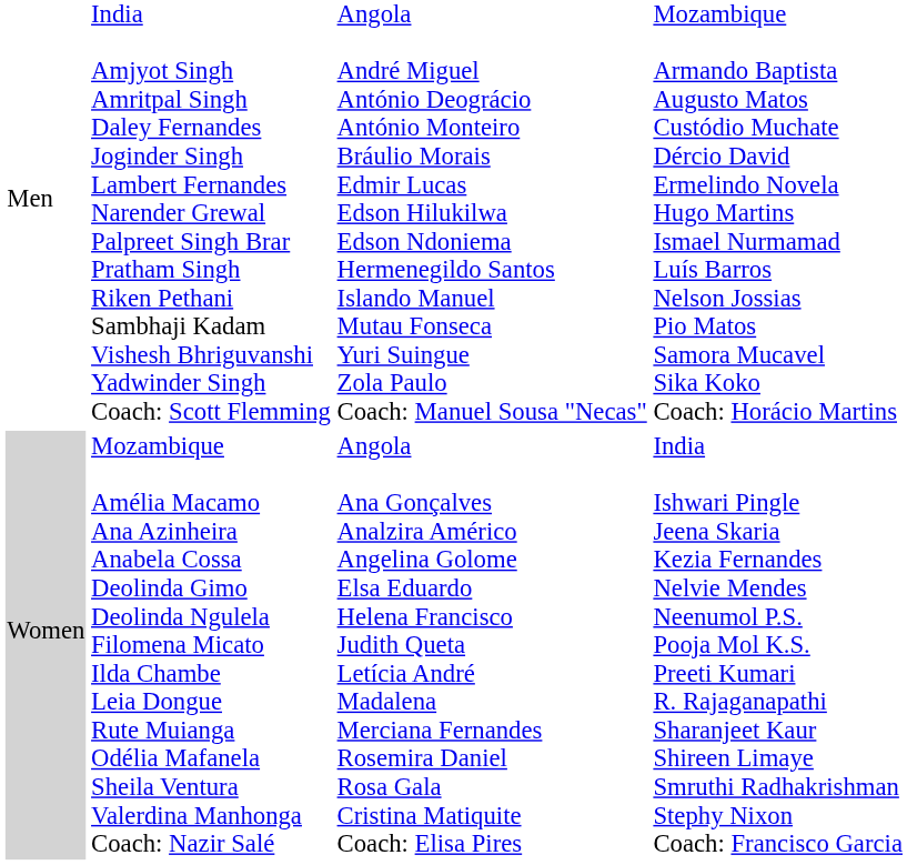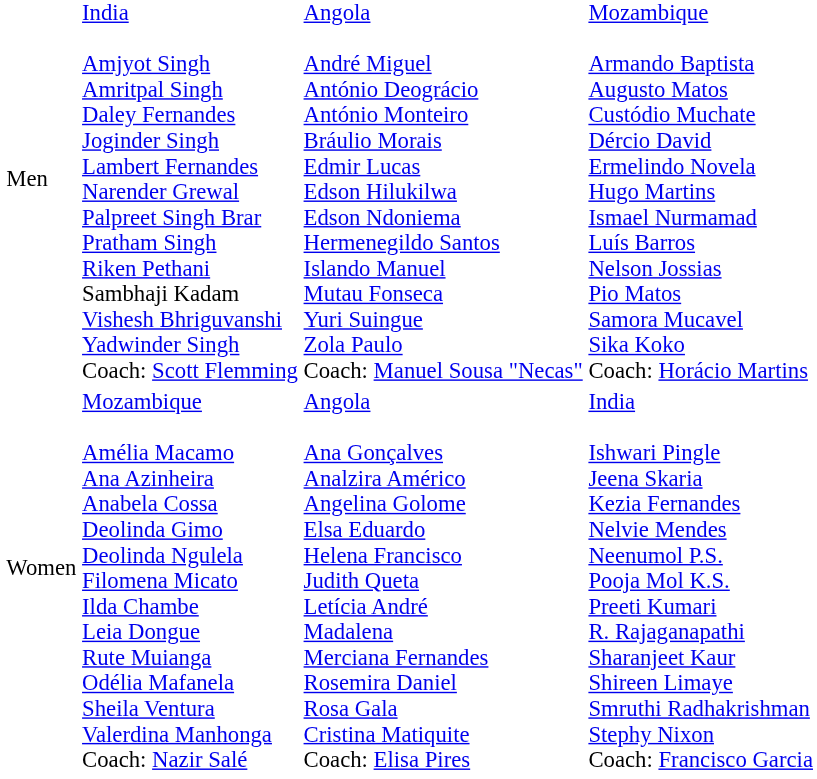 <table>
 <tr>
 <td>Men<br> <br> </td>
 <td> <a href='#'>India</a><br><br><a href='#'>Amjyot Singh</a><br> <a href='#'>Amritpal Singh</a><br> <a href='#'>Daley Fernandes</a><br> <a href='#'>Joginder Singh</a><br> <a href='#'>Lambert Fernandes</a><br> <a href='#'>Narender Grewal</a><br> <a href='#'>Palpreet Singh Brar</a><br> <a href='#'>Pratham Singh</a><br> <a href='#'>Riken Pethani</a><br> Sambhaji Kadam<br> <a href='#'>Vishesh Bhriguvanshi</a><br> <a href='#'>Yadwinder Singh</a><br> Coach: <a href='#'>Scott Flemming</a><br></td>
 <td> <a href='#'>Angola</a><br><br><a href='#'>André Miguel</a><br> <a href='#'>António Deográcio</a><br> <a href='#'>António Monteiro</a><br> <a href='#'>Bráulio Morais</a><br> <a href='#'>Edmir Lucas</a><br> <a href='#'>Edson Hilukilwa</a><br> <a href='#'>Edson Ndoniema</a><br> <a href='#'>Hermenegildo Santos</a><br> <a href='#'>Islando Manuel</a><br> <a href='#'>Mutau Fonseca</a><br> <a href='#'>Yuri Suingue</a><br> <a href='#'>Zola Paulo</a><br> Coach: <a href='#'>Manuel Sousa "Necas"</a><br></td>
 <td> <a href='#'>Mozambique</a><br><br><a href='#'>Armando Baptista</a><br> <a href='#'>Augusto Matos</a><br> <a href='#'>Custódio Muchate</a><br> <a href='#'>Dércio David</a><br> <a href='#'>Ermelindo Novela</a><br> <a href='#'>Hugo Martins</a><br> <a href='#'>Ismael Nurmamad</a><br> <a href='#'>Luís Barros</a><br> <a href='#'>Nelson Jossias</a><br> <a href='#'>Pio Matos</a><br> <a href='#'>Samora Mucavel</a><br> <a href='#'>Sika Koko</a><br> Coach: <a href='#'>Horácio Martins</a> <br></td>
 </tr>
 <tr>
-<td style="background: lightgrey;">Women<br> <br> </td>
+<td>Women<br> <br> </td>
 <td> <a href='#'>Mozambique</a><br><br><a href='#'>Amélia Macamo</a><br> <a href='#'>Ana Azinheira</a><br> <a href='#'>Anabela Cossa</a><br> <a href='#'>Deolinda Gimo</a><br> <a href='#'>Deolinda Ngulela</a><br> <a href='#'>Filomena Micato</a><br> <a href='#'>Ilda Chambe</a><br> <a href='#'>Leia Dongue</a><br> <a href='#'>Rute Muianga</a><br> <a href='#'>Odélia Mafanela</a><br> <a href='#'>Sheila Ventura</a><br> <a href='#'>Valerdina Manhonga</a><br> Coach: <a href='#'>Nazir Salé</a><br></td>
 <td> <a href='#'>Angola</a><br><br><a href='#'>Ana Gonçalves</a><br> <a href='#'>Analzira Américo</a><br> <a href='#'>Angelina Golome</a><br> <a href='#'>Elsa Eduardo</a><br> <a href='#'>Helena Francisco</a><br> <a href='#'>Judith Queta</a><br> <a href='#'>Letícia André</a><br> <a href='#'>Madalena</a><br> <a href='#'>Merciana Fernandes</a><br> <a href='#'>Rosemira Daniel</a><br> <a href='#'>Rosa Gala</a><br> <a href='#'>Cristina Matiquite</a><br> Coach: <a href='#'>Elisa Pires</a><br></td>
 <td> <a href='#'>India</a><br><br><a href='#'>Ishwari Pingle</a><br> <a href='#'>Jeena Skaria</a><br> <a href='#'>Kezia Fernandes</a><br> <a href='#'>Nelvie Mendes</a><br> <a href='#'>Neenumol P.S.</a><br> <a href='#'>Pooja Mol K.S.</a><br> <a href='#'>Preeti Kumari</a><br> <a href='#'>R. Rajaganapathi</a><br> <a href='#'>Sharanjeet Kaur</a><br> <a href='#'>Shireen Limaye</a><br> <a href='#'>Smruthi Radhakrishman</a><br> <a href='#'>Stephy Nixon</a><br> Coach: <a href='#'>Francisco Garcia</a><br></td>
 </tr>
 </table>
